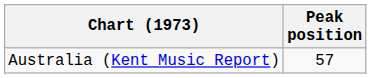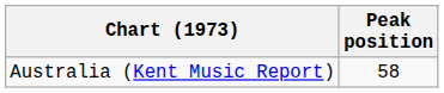 <table class="wikitable">
 <tr>
 <th scope="col">Chart (1973)</th>
 <th>Peak<br>position</th>
 </tr>
 <tr>
 <td>Australia (<a href='#'>Kent Music Report</a>)</td>
-<td style="text-align:center;">57</td>
+<td style="text-align:center;">58</td>
 </tr>
 </table>
